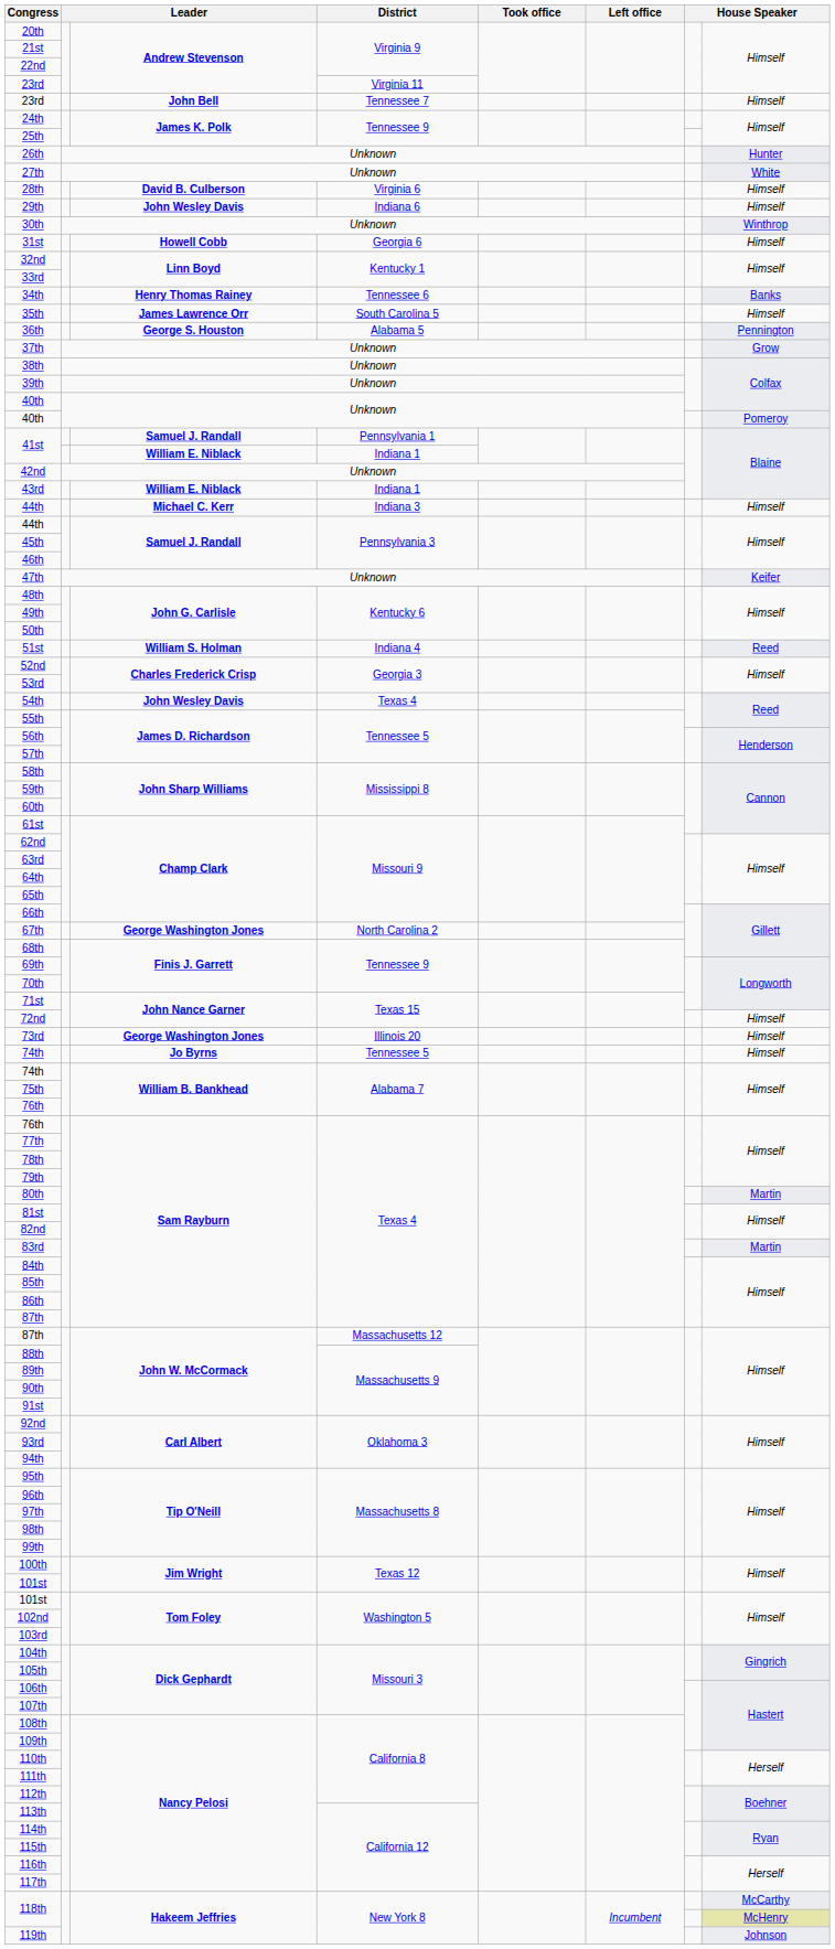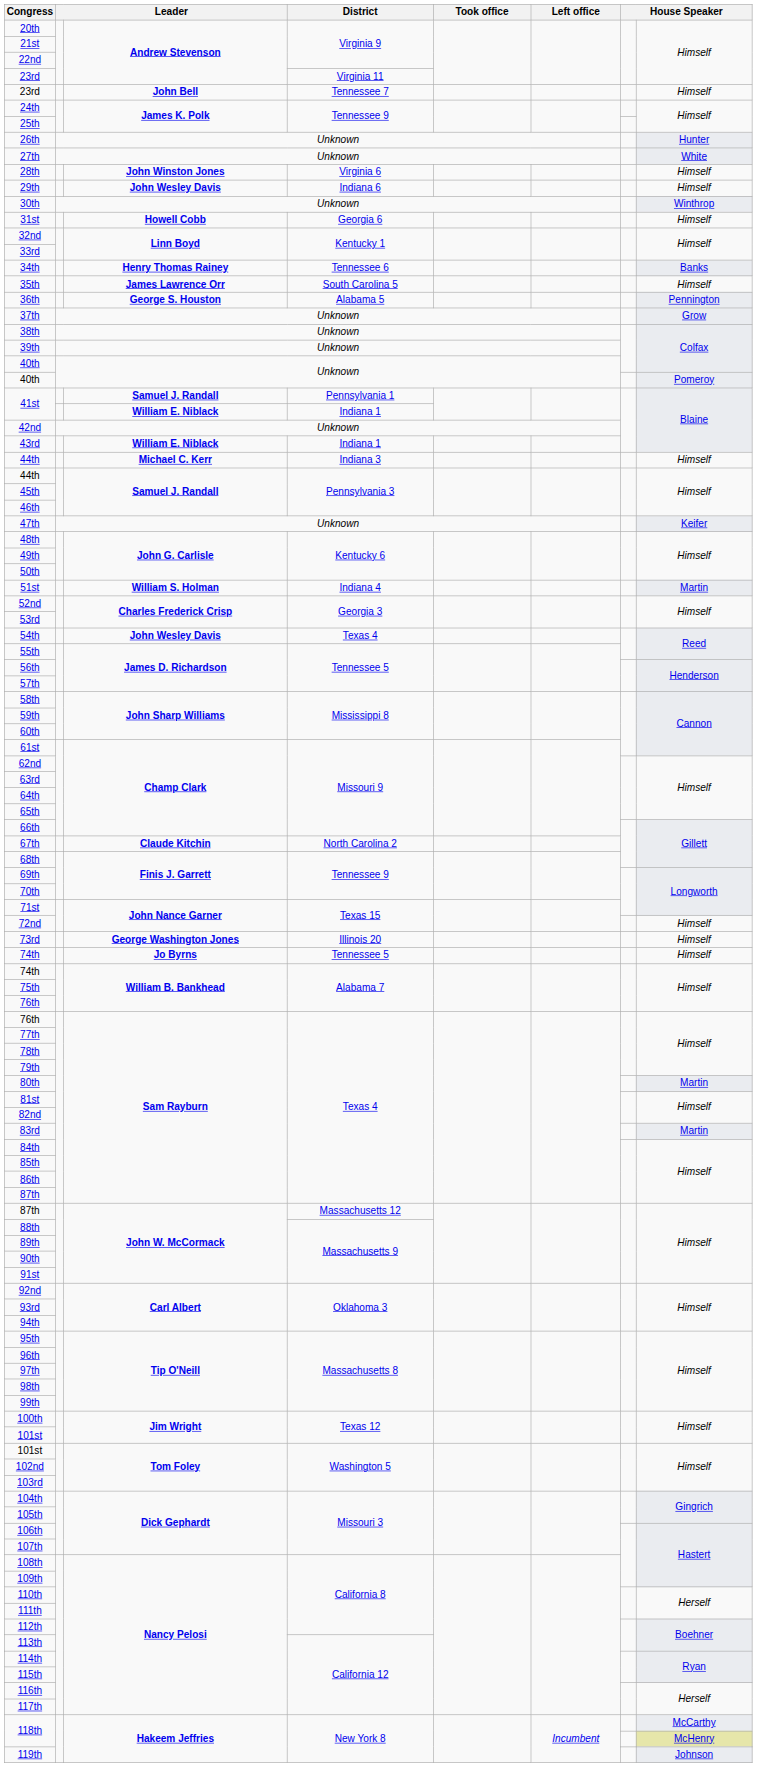 <table class="wikitable" style="text-align:center; width:75%;">
 <tr>
 <th style="width:5%;">Congress</th>
 <th colspan="2">Leader</th>
 <th>District</th>
 <th>Took office</th>
 <th>Left office</th>
 <th colspan="2">House Speaker</th>
 </tr>
 <tr>
 <td><a href='#'>20th</a></td>
 <td rowspan="4"></td>
 <td rowspan="4"><strong><a href='#'>Andrew Stevenson</a></strong><br></td>
 <td rowspan="3"><a href='#'>Virginia 9</a></td>
 <td rowspan="4"></td>
 <td rowspan="4"></td>
 <td rowspan="4" style="background-color:"> </td>
 <td rowspan="4"><em>Himself</em> </td>
 </tr>
 <tr>
 <td><a href='#'>21st</a></td>
 </tr>
 <tr>
 <td><a href='#'>22nd</a></td>
 </tr>
 <tr>
 <td><a href='#'>23rd</a></td>
 <td><a href='#'>Virginia 11</a></td>
 </tr>
 <tr>
 <td>23rd</td>
 <td></td>
 <td><strong><a href='#'>John Bell</a></strong><br></td>
 <td><a href='#'>Tennessee 7</a></td>
 <td></td>
 <td></td>
 <td style="background-color:"> </td>
 <td><em>Himself</em> </td>
 </tr>
 <tr>
 <td><a href='#'>24th</a></td>
 <td rowspan="2"></td>
 <td rowspan="2"><strong><a href='#'>James K. Polk</a></strong><br></td>
 <td rowspan="2"><a href='#'>Tennessee 9</a></td>
 <td rowspan="2"></td>
 <td rowspan="2"></td>
 <td style="background-color:"> </td>
 <td rowspan="2"><em>Himself</em> </td>
 </tr>
 <tr>
 <td><a href='#'>25th</a></td>
 <td style="background-color:"> </td>
 </tr>
 <tr>
 <td><a href='#'>26th</a></td>
 <td colspan="5"><em>Unknown</em></td>
 <td style="background-color:"> </td>
 <td style="background-color:#EAECF0;"><a href='#'>Hunter</a> </td>
 </tr>
 <tr>
 <td><a href='#'>27th</a></td>
 <td colspan="5"><em>Unknown</em></td>
 <td style="background-color:"> </td>
 <td style="background-color:#EAECF0;"><a href='#'>White</a> </td>
 </tr>
 <tr>
 <td><a href='#'>28th</a></td>
 <td></td>
-<td><strong><a href='#'>David B. Culberson</a></strong><br></td>
+<td><strong><a href='#'>John Winston Jones</a></strong><br></td>
 <td><a href='#'>Virginia 6</a></td>
 <td></td>
 <td></td>
 <td style="background-color:"> </td>
 <td><em>Himself</em> </td>
 </tr>
 <tr>
 <td><a href='#'>29th</a></td>
 <td></td>
 <td><strong><a href='#'>John Wesley Davis</a></strong><br></td>
 <td><a href='#'>Indiana 6</a></td>
 <td></td>
 <td></td>
 <td style="background-color:"> </td>
 <td><em>Himself</em> </td>
 </tr>
 <tr>
 <td><a href='#'>30th</a></td>
 <td colspan="5"><em>Unknown</em></td>
 <td style="background-color:"> </td>
 <td style="background-color:#EAECF0;"><a href='#'>Winthrop</a> </td>
 </tr>
 <tr>
 <td><a href='#'>31st</a></td>
 <td></td>
 <td><strong><a href='#'>Howell Cobb</a></strong><br></td>
 <td><a href='#'>Georgia 6</a></td>
 <td></td>
 <td></td>
 <td style="background-color:"> </td>
 <td><em>Himself</em> </td>
 </tr>
 <tr>
 <td><a href='#'>32nd</a></td>
 <td rowspan="2"></td>
 <td rowspan="2"><strong><a href='#'>Linn Boyd</a></strong><br></td>
 <td rowspan="2"><a href='#'>Kentucky 1</a></td>
 <td rowspan="2"></td>
 <td rowspan="2"></td>
 <td rowspan="2" style="background-color:"> </td>
 <td rowspan="2"><em>Himself</em> </td>
 </tr>
 <tr>
 <td><a href='#'>33rd</a></td>
 </tr>
 <tr>
 <td><a href='#'>34th</a></td>
 <td></td>
 <td><strong><a href='#'>Henry Thomas Rainey</a></strong><br></td>
 <td><a href='#'>Tennessee 6</a></td>
 <td></td>
 <td></td>
 <td style="background-color:"> </td>
 <td style="background-color:#EAECF0;"><a href='#'>Banks</a> </td>
 </tr>
 <tr>
 <td><a href='#'>35th</a></td>
 <td></td>
 <td><strong><a href='#'>James Lawrence Orr</a></strong><br></td>
 <td><a href='#'>South Carolina 5</a></td>
 <td></td>
 <td></td>
 <td style="background-color:"> </td>
 <td><em>Himself</em> </td>
 </tr>
 <tr>
 <td><a href='#'>36th</a></td>
 <td></td>
 <td><strong><a href='#'>George S. Houston</a></strong><br></td>
 <td><a href='#'>Alabama 5</a></td>
 <td></td>
 <td></td>
 <td style="background-color:"> </td>
 <td style="background-color:#EAECF0;"><a href='#'>Pennington</a> </td>
 </tr>
 <tr>
 <td><a href='#'>37th</a></td>
 <td colspan="5"><em>Unknown</em></td>
 <td style="background-color:"> </td>
 <td style="background-color:#EAECF0;"><a href='#'>Grow</a> </td>
 </tr>
 <tr>
 <td><a href='#'>38th</a></td>
 <td colspan="5"><em>Unknown</em></td>
 <td rowspan="3" style="background-color:"> </td>
 <td rowspan="3" style="background-color:#EAECF0;"><a href='#'>Colfax</a> </td>
 </tr>
 <tr>
 <td><a href='#'>39th</a></td>
 <td colspan="5"><em>Unknown</em></td>
 </tr>
 <tr>
 <td><a href='#'>40th</a></td>
 <td rowspan="2" colspan="5"><em>Unknown</em></td>
 </tr>
 <tr>
 <td>40th</td>
 <td style="background-color:"> </td>
 <td style="background-color:#EAECF0;"><a href='#'>Pomeroy</a> </td>
 </tr>
 <tr>
 <td rowspan="2"><a href='#'>41st</a></td>
 <td></td>
 <td><strong><a href='#'>Samuel J. Randall</a></strong><br></td>
 <td><a href='#'>Pennsylvania 1</a></td>
 <td rowspan="2"></td>
 <td rowspan="2"></td>
 <td rowspan="4" style="background-color:"> </td>
 <td rowspan="4" style="background-color:#EAECF0;"><a href='#'>Blaine</a> </td>
 </tr>
 <tr>
 <td></td>
 <td><strong><a href='#'>William E. Niblack</a></strong><br></td>
 <td><a href='#'>Indiana 1</a></td>
 </tr>
 <tr>
 <td><a href='#'>42nd</a></td>
 <td colspan="5"><em>Unknown</em></td>
 </tr>
 <tr>
 <td><a href='#'>43rd</a></td>
 <td></td>
 <td><strong><a href='#'>William E. Niblack</a></strong><br></td>
 <td><a href='#'>Indiana 1</a></td>
 <td></td>
 <td></td>
 </tr>
 <tr>
 <td><a href='#'>44th</a></td>
 <td></td>
 <td><strong><a href='#'>Michael C. Kerr</a></strong><br></td>
 <td><a href='#'>Indiana 3</a></td>
 <td></td>
 <td></td>
 <td style="background-color:"> </td>
 <td><em>Himself</em> </td>
 </tr>
 <tr>
 <td>44th</td>
 <td rowspan="3"></td>
 <td rowspan="3"><strong><a href='#'>Samuel J. Randall</a></strong><br></td>
 <td rowspan="3"><a href='#'>Pennsylvania 3</a></td>
 <td rowspan="3"></td>
 <td rowspan="3"></td>
 <td rowspan="3" style="background-color:"> </td>
 <td rowspan="3"><em>Himself</em> </td>
 </tr>
 <tr>
 <td><a href='#'>45th</a></td>
 </tr>
 <tr>
 <td><a href='#'>46th</a></td>
 </tr>
 <tr>
 <td><a href='#'>47th</a></td>
 <td colspan="5"><em>Unknown</em></td>
 <td style="background-color:"> </td>
 <td style="background-color:#EAECF0;"><a href='#'>Keifer</a> </td>
 </tr>
 <tr>
 <td><a href='#'>48th</a></td>
 <td rowspan="3"></td>
 <td rowspan="3"><strong><a href='#'>John G. Carlisle</a></strong><br></td>
 <td rowspan="3"><a href='#'>Kentucky 6</a></td>
 <td rowspan="3"></td>
 <td rowspan="3"></td>
 <td rowspan="3" style="background-color:"> </td>
 <td rowspan="3"><em>Himself</em> </td>
 </tr>
 <tr>
 <td><a href='#'>49th</a></td>
 </tr>
 <tr>
 <td><a href='#'>50th</a></td>
 </tr>
 <tr>
 <td><a href='#'>51st</a></td>
 <td></td>
 <td><strong><a href='#'>William S. Holman</a></strong><br></td>
 <td><a href='#'>Indiana 4</a></td>
 <td></td>
 <td></td>
 <td style="background-color:"> </td>
-<td style="background-color:#EAECF0;"><a href='#'>Reed</a> </td>
+<td style="background-color:#EAECF0;"><a href='#'>Martin</a> </td>
 </tr>
 <tr>
 <td><a href='#'>52nd</a></td>
 <td rowspan="2"></td>
 <td rowspan="2"><strong><a href='#'>Charles Frederick Crisp</a></strong><br></td>
 <td rowspan="2"><a href='#'>Georgia 3</a></td>
 <td rowspan="2"></td>
 <td rowspan="2"></td>
 <td rowspan="2" style="background-color:"> </td>
 <td rowspan="2"><em>Himself</em> </td>
 </tr>
 <tr>
 <td><a href='#'>53rd</a></td>
 </tr>
 <tr>
 <td><a href='#'>54th</a></td>
 <td></td>
 <td><strong><a href='#'>John Wesley Davis</a></strong><br></td>
 <td><a href='#'>Texas 4</a></td>
 <td></td>
 <td></td>
 <td rowspan="2" style="background-color:"> </td>
 <td rowspan="2" style="background-color:#EAECF0;"><a href='#'>Reed</a> </td>
 </tr>
 <tr>
 <td><a href='#'>55th</a></td>
 <td rowspan="3"></td>
 <td rowspan="3"><strong><a href='#'>James D. Richardson</a></strong><br></td>
 <td rowspan="3"><a href='#'>Tennessee 5</a></td>
 <td rowspan="3"></td>
 <td rowspan="3"></td>
 </tr>
 <tr>
 <td><a href='#'>56th</a></td>
 <td rowspan="2" style="background-color:"> </td>
 <td rowspan="2" style="background-color:#EAECF0;"><a href='#'>Henderson</a> </td>
 </tr>
 <tr>
 <td><a href='#'>57th</a></td>
 </tr>
 <tr>
 <td><a href='#'>58th</a></td>
 <td rowspan="3"></td>
 <td rowspan="3"><strong><a href='#'>John Sharp Williams</a></strong><br></td>
 <td rowspan="3"><a href='#'>Mississippi 8</a></td>
 <td rowspan="3"></td>
 <td rowspan="3"></td>
 <td rowspan="4" style="background-color:"> </td>
 <td rowspan="4" style="background-color:#EAECF0;"><a href='#'>Cannon</a> </td>
 </tr>
 <tr>
 <td><a href='#'>59th</a></td>
 </tr>
 <tr>
 <td><a href='#'>60th</a></td>
 </tr>
 <tr>
 <td><a href='#'>61st</a></td>
 <td rowspan="6"></td>
 <td rowspan="6"><strong><a href='#'>Champ Clark</a></strong><br></td>
 <td rowspan="6"><a href='#'>Missouri 9</a></td>
 <td rowspan="6"></td>
 <td rowspan="6"></td>
 </tr>
 <tr>
 <td><a href='#'>62nd</a></td>
 <td rowspan="4" style="background-color:"> </td>
 <td rowspan="4"><em>Himself</em> </td>
 </tr>
 <tr>
 <td><a href='#'>63rd</a></td>
 </tr>
 <tr>
 <td><a href='#'>64th</a></td>
 </tr>
 <tr>
 <td><a href='#'>65th</a></td>
 </tr>
 <tr>
 <td><a href='#'>66th</a></td>
 <td rowspan="3" style="background-color:"> </td>
 <td rowspan="3" style="background-color:#EAECF0;"><a href='#'>Gillett</a> </td>
 </tr>
 <tr>
 <td><a href='#'>67th</a></td>
 <td></td>
-<td><strong><a href='#'>George Washington Jones</a></strong><br></td>
+<td><strong><a href='#'>Claude Kitchin</a></strong><br></td>
 <td><a href='#'>North Carolina 2</a></td>
 <td></td>
 <td></td>
 </tr>
 <tr>
 <td><a href='#'>68th</a></td>
 <td rowspan="3"></td>
 <td rowspan="3"><strong><a href='#'>Finis J. Garrett</a></strong><br></td>
 <td rowspan="3"><a href='#'>Tennessee 9</a></td>
 <td rowspan="3"></td>
 <td rowspan="3"></td>
 </tr>
 <tr>
 <td><a href='#'>69th</a></td>
 <td rowspan="3" style="background-color:"> </td>
 <td rowspan="3" style="background-color:#EAECF0;"><a href='#'>Longworth</a> </td>
 </tr>
 <tr>
 <td><a href='#'>70th</a></td>
 </tr>
 <tr>
 <td><a href='#'>71st</a></td>
 <td rowspan="2"></td>
 <td rowspan="2"><strong><a href='#'>John Nance Garner</a></strong><br></td>
 <td rowspan="2"><a href='#'>Texas 15</a></td>
 <td rowspan="2"></td>
 <td rowspan="2"></td>
 </tr>
 <tr>
 <td><a href='#'>72nd</a></td>
 <td style="background-color:"> </td>
 <td><em>Himself</em> </td>
 </tr>
 <tr>
 <td><a href='#'>73rd</a></td>
 <td></td>
 <td><strong><a href='#'>George Washington Jones</a></strong><br></td>
 <td><a href='#'>Illinois 20</a></td>
 <td></td>
 <td></td>
 <td style="background-color:"> </td>
 <td><em>Himself</em> </td>
 </tr>
 <tr>
 <td><a href='#'>74th</a></td>
 <td></td>
 <td><strong><a href='#'>Jo Byrns</a></strong><br></td>
 <td><a href='#'>Tennessee 5</a></td>
 <td></td>
 <td></td>
 <td style="background-color:"> </td>
 <td><em>Himself</em> </td>
 </tr>
 <tr>
 <td>74th</td>
 <td rowspan="3"></td>
 <td rowspan="3"><strong><a href='#'>William B. Bankhead</a></strong><br></td>
 <td rowspan="3"><a href='#'>Alabama 7</a></td>
 <td rowspan="3"></td>
 <td rowspan="3"></td>
 <td rowspan="3" style="background-color:"> </td>
 <td rowspan="3"><em>Himself</em> </td>
 </tr>
 <tr>
 <td><a href='#'>75th</a></td>
 </tr>
 <tr>
 <td><a href='#'>76th</a></td>
 </tr>
 <tr>
 <td>76th</td>
 <td rowspan="12"></td>
 <td rowspan="12"><strong><a href='#'>Sam Rayburn</a></strong><br></td>
 <td rowspan="12"><a href='#'>Texas 4</a></td>
 <td rowspan="12"></td>
 <td rowspan="12"></td>
 <td rowspan="4" style="background-color:"> </td>
 <td rowspan="4"><em>Himself</em> </td>
 </tr>
 <tr>
 <td><a href='#'>77th</a></td>
 </tr>
 <tr>
 <td><a href='#'>78th</a></td>
 </tr>
 <tr>
 <td><a href='#'>79th</a></td>
 </tr>
 <tr>
 <td><a href='#'>80th</a></td>
 <td style="background-color:"> </td>
 <td style="background-color:#EAECF0;"><a href='#'>Martin</a> </td>
 </tr>
 <tr>
 <td><a href='#'>81st</a></td>
 <td rowspan="2" style="background-color:"> </td>
 <td rowspan="2"><em>Himself</em> </td>
 </tr>
 <tr>
 <td><a href='#'>82nd</a></td>
 </tr>
 <tr>
 <td><a href='#'>83rd</a></td>
 <td style="background-color:"> </td>
 <td style="background-color:#EAECF0;"><a href='#'>Martin</a> </td>
 </tr>
 <tr>
 <td><a href='#'>84th</a></td>
 <td rowspan="4" style="background-color:"> </td>
 <td rowspan="4"><em>Himself</em> </td>
 </tr>
 <tr>
 <td><a href='#'>85th</a></td>
 </tr>
 <tr>
 <td><a href='#'>86th</a></td>
 </tr>
 <tr>
 <td><a href='#'>87th</a></td>
 </tr>
 <tr>
 <td>87th</td>
 <td rowspan="5"></td>
 <td rowspan="5"><strong><a href='#'>John W. McCormack</a></strong><br></td>
 <td><a href='#'>Massachusetts 12</a></td>
 <td rowspan="5"></td>
 <td rowspan="5"></td>
 <td rowspan="5" style="background-color:"> </td>
 <td rowspan="5"><em>Himself</em> </td>
 </tr>
 <tr>
 <td><a href='#'>88th</a></td>
 <td rowspan="4"><a href='#'>Massachusetts 9</a></td>
 </tr>
 <tr>
 <td><a href='#'>89th</a></td>
 </tr>
 <tr>
 <td><a href='#'>90th</a></td>
 </tr>
 <tr>
 <td><a href='#'>91st</a></td>
 </tr>
 <tr>
 <td><a href='#'>92nd</a></td>
 <td rowspan="3"></td>
 <td rowspan="3"><strong><a href='#'>Carl Albert</a></strong><br></td>
 <td rowspan="3"><a href='#'>Oklahoma 3</a></td>
 <td rowspan="3"></td>
 <td rowspan="3"></td>
 <td rowspan="3" style="background-color:"> </td>
 <td rowspan="3"><em>Himself</em> </td>
 </tr>
 <tr>
 <td><a href='#'>93rd</a></td>
 </tr>
 <tr>
 <td><a href='#'>94th</a></td>
 </tr>
 <tr>
 <td><a href='#'>95th</a></td>
 <td rowspan="5"></td>
 <td rowspan="5"><strong><a href='#'>Tip O'Neill</a></strong><br></td>
 <td rowspan="5"><a href='#'>Massachusetts 8</a></td>
 <td rowspan="5"></td>
 <td rowspan="5"></td>
 <td rowspan="5" style="background-color:"> </td>
 <td rowspan="5"><em>Himself</em> </td>
 </tr>
 <tr>
 <td><a href='#'>96th</a></td>
 </tr>
 <tr>
 <td><a href='#'>97th</a></td>
 </tr>
 <tr>
 <td><a href='#'>98th</a></td>
 </tr>
 <tr>
 <td><a href='#'>99th</a></td>
 </tr>
 <tr>
 <td><a href='#'>100th</a></td>
 <td rowspan="2"></td>
 <td rowspan="2"><strong><a href='#'>Jim Wright</a></strong><br></td>
 <td rowspan="2"><a href='#'>Texas 12</a></td>
 <td rowspan="2"></td>
 <td rowspan="2"></td>
 <td rowspan="2" style="background-color:"> </td>
 <td rowspan="2"><em>Himself</em> </td>
 </tr>
 <tr>
 <td><a href='#'>101st</a></td>
 </tr>
 <tr>
 <td>101st</td>
 <td rowspan="3"></td>
 <td rowspan="3"><strong><a href='#'>Tom Foley</a></strong><br></td>
 <td rowspan="3"><a href='#'>Washington 5</a></td>
 <td rowspan="3"></td>
 <td rowspan="3"></td>
 <td rowspan="3" style="background-color:"> </td>
 <td rowspan="3"><em>Himself</em> </td>
 </tr>
 <tr>
 <td><a href='#'>102nd</a></td>
 </tr>
 <tr>
 <td><a href='#'>103rd</a></td>
 </tr>
 <tr>
 <td><a href='#'>104th</a></td>
 <td rowspan="4"></td>
 <td rowspan="4"><strong><a href='#'>Dick Gephardt</a></strong><br></td>
 <td rowspan="4"><a href='#'>Missouri 3</a></td>
 <td rowspan="4"></td>
 <td rowspan="4"></td>
 <td rowspan="2" style="background-color:"> </td>
 <td rowspan="2" style="background-color:#EAECF0;"><a href='#'>Gingrich</a> </td>
 </tr>
 <tr>
 <td><a href='#'>105th</a></td>
 </tr>
 <tr>
 <td><a href='#'>106th</a></td>
 <td rowspan="4" style="background-color:"> </td>
 <td rowspan="4" style="background-color:#EAECF0;"><a href='#'>Hastert</a> </td>
 </tr>
 <tr>
 <td><a href='#'>107th</a></td>
 </tr>
 <tr>
 <td><a href='#'>108th</a></td>
 <td rowspan="11"></td>
 <td rowspan="11"><strong><a href='#'>Nancy Pelosi</a></strong><br></td>
 <td rowspan="5"><a href='#'>California 8</a></td>
 <td rowspan="11"></td>
 <td rowspan="11"></td>
 </tr>
 <tr>
 <td><a href='#'>109th</a></td>
 </tr>
 <tr>
 <td><a href='#'>110th</a></td>
 <td rowspan="2" style="background-color:"> </td>
 <td rowspan="2"><em>Herself</em> </td>
 </tr>
 <tr>
 <td><a href='#'>111th</a></td>
 </tr>
 <tr>
 <td><a href='#'>112th</a></td>
 <td rowspan="3" style="background-color:"> </td>
 <td rowspan="3" style="background-color:#EAECF0;"><a href='#'>Boehner</a> </td>
 </tr>
 <tr>
 <td><a href='#'>113th</a></td>
 <td rowspan="6"><a href='#'>California 12</a></td>
 </tr>
 <tr>
 <td rowspan="2"><a href='#'>114th</a></td>
 </tr>
 <tr>
 <td rowspan="2" style="background-color:"> </td>
 <td rowspan="2" style="background-color:#EAECF0;"><a href='#'>Ryan</a> </td>
 </tr>
 <tr>
 <td><a href='#'>115th</a></td>
 </tr>
 <tr>
 <td><a href='#'>116th</a></td>
 <td rowspan="2" style="background-color:"> </td>
 <td rowspan="2"><em>Herself</em> </td>
 </tr>
 <tr>
 <td><a href='#'>117th</a></td>
 </tr>
 <tr>
 <td rowspan="3"><a href='#'>118th</a></td>
 <td rowspan="4"></td>
 <td rowspan="4"><strong><a href='#'>Hakeem Jeffries</a></strong><br></td>
 <td rowspan="4"><a href='#'>New York 8</a></td>
 <td rowspan="4"></td>
 <td rowspan="4"><em><a href='#'>Incumbent</a></em></td>
 <td style="background-color:"> </td>
 <td style="background-color:#EAECF0;"><a href='#'>McCarthy</a> </td>
 </tr>
 <tr>
 <td style="background-color:"> </td>
 <td style="background-color:#E6E6AA;"><a href='#'>McHenry</a> </td>
 </tr>
 <tr>
 <td rowspan="2" style="background-color:"> </td>
 <td rowspan="2" style="background-color:#EAECF0;"><a href='#'>Johnson</a> </td>
 </tr>
 <tr>
 <td><a href='#'>119th</a></td>
 </tr>
 </table>
